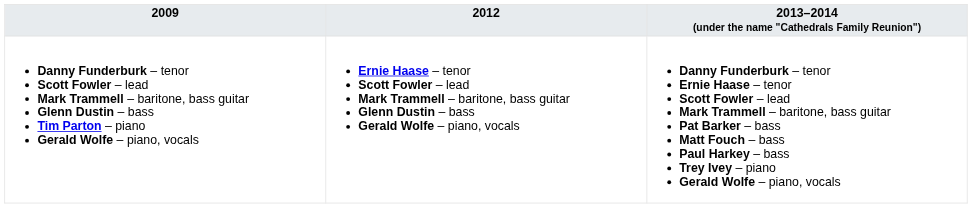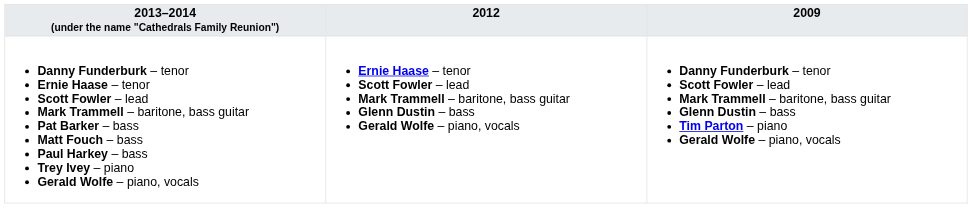 <table class="toccolours" style="float: width: 375px; margin: 0 0 1em 1em; border-collapse: collapse; border: 1px solid #E2E2E2;" width="99%" cellspacing="0" cellpadding="2" border="1">
 <tr>
+<th width="25%" valign="top" bgcolor="#E7EBEE">2013–2014<br><small>(under the name "Cathedrals Family Reunion")</small></th>
+<th width="25%" valign="top" bgcolor="#E7EBEE">2012</th>
 <th width="25%" valign="top" bgcolor="#E7EBEE">2009</th>
-<th width="25%" valign="top" bgcolor="#E7EBEE">2012</th>
-<th width="25%" valign="top" bgcolor="#E7EBEE">2013–2014<br><small>(under the name "Cathedrals Family Reunion")</small></th>
 </tr>
 <tr>
+<td valign="top"><br><ul><li><strong>Danny Funderburk</strong> – tenor</li><li><strong>Ernie Haase</strong> – tenor</li><li><strong>Scott Fowler</strong> – lead</li><li><strong>Mark Trammell</strong> – baritone, bass guitar</li><li><strong>Pat Barker</strong> – bass</li><li><strong>Matt Fouch</strong> – bass</li><li><strong>Paul Harkey</strong> – bass</li><li><strong>Trey Ivey</strong> – piano</li><li><strong>Gerald Wolfe</strong> – piano, vocals</li></ul></td>
+<td valign="top"><br><ul><li><strong><a href='#'>Ernie Haase</a></strong> – tenor</li><li><strong>Scott Fowler</strong> – lead</li><li><strong>Mark Trammell</strong> – baritone, bass guitar</li><li><strong>Glenn Dustin</strong> – bass</li><li><strong>Gerald Wolfe</strong> – piano, vocals</li></ul></td>
 <td valign="top"><br><ul><li><strong>Danny Funderburk</strong> – tenor</li><li><strong>Scott Fowler</strong> – lead</li><li><strong>Mark Trammell</strong> – baritone, bass guitar</li><li><strong>Glenn Dustin</strong> – bass</li><li><strong><a href='#'>Tim Parton</a></strong> – piano</li><li><strong>Gerald Wolfe</strong> – piano, vocals</li></ul></td>
-<td valign="top"><br><ul><li><strong><a href='#'>Ernie Haase</a></strong> – tenor</li><li><strong>Scott Fowler</strong> – lead</li><li><strong>Mark Trammell</strong> – baritone, bass guitar</li><li><strong>Glenn Dustin</strong> – bass</li><li><strong>Gerald Wolfe</strong> – piano, vocals</li></ul></td>
-<td valign="top"><br><ul><li><strong>Danny Funderburk</strong> – tenor</li><li><strong>Ernie Haase</strong> – tenor</li><li><strong>Scott Fowler</strong> – lead</li><li><strong>Mark Trammell</strong> – baritone, bass guitar</li><li><strong>Pat Barker</strong> – bass</li><li><strong>Matt Fouch</strong> – bass</li><li><strong>Paul Harkey</strong> – bass</li><li><strong>Trey Ivey</strong> – piano</li><li><strong>Gerald Wolfe</strong> – piano, vocals</li></ul></td>
 </tr>
 </table>
